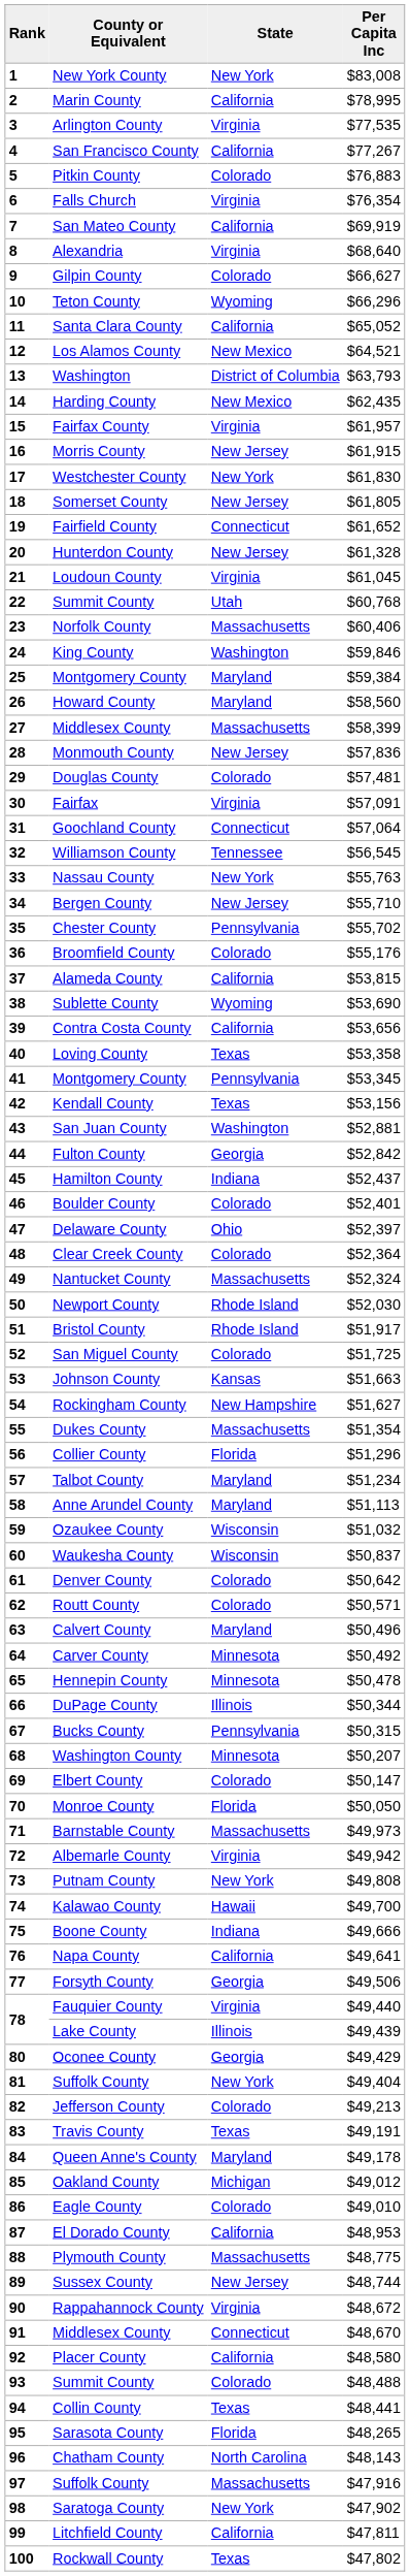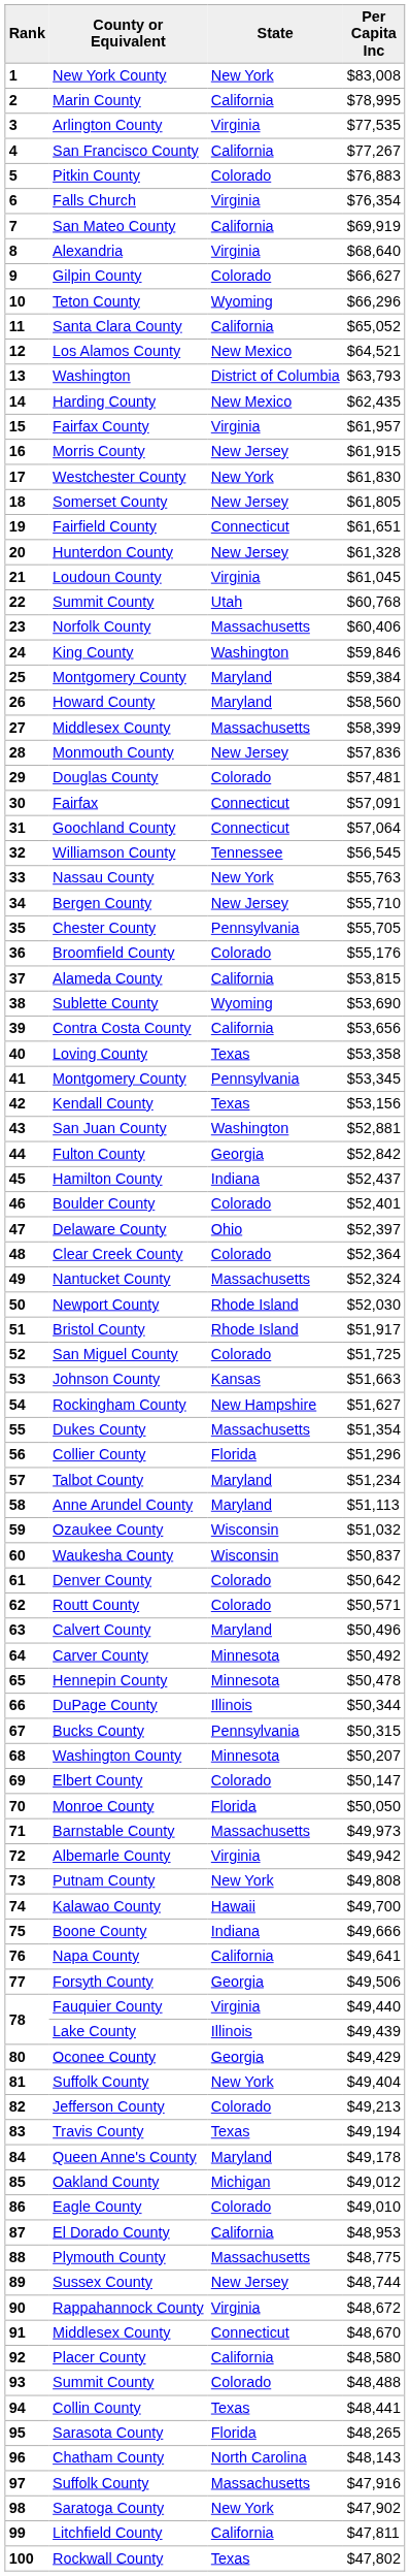 <table class="sortable" cellpadding="4" cellspacing="0" style="margin:auto; clear:both; border:1px solid #aaa; border-collapse:collapse;">
 <tr style="background:#efefef;">
 <th>Rank</th>
 <th>County or<br>Equivalent</th>
 <th>State</th>
 <th>Per<br>Capita<br>Inc</th>
 </tr>
 <tr style="border-top: 1px solid #aaa; vertical-align: top">
 <td><strong>1</strong></td>
 <td><a href='#'>New York County</a></td>
 <td> <a href='#'>New York</a></td>
 <td>$83,008</td>
 </tr>
 <tr style="border-top: 1px solid #aaa; vertical-align: top">
 <td><strong>2</strong></td>
 <td><a href='#'>Marin County</a></td>
 <td> <a href='#'>California</a></td>
 <td>$78,995</td>
 </tr>
 <tr style="border-top: 1px solid #aaa; vertical-align: top">
 <td><strong>3</strong></td>
 <td><a href='#'>Arlington County</a></td>
 <td> <a href='#'>Virginia</a></td>
 <td>$77,535</td>
 </tr>
 <tr style="border-top: 1px solid #aaa; vertical-align: top">
 <td><strong>4</strong></td>
 <td><a href='#'>San Francisco County</a></td>
 <td> <a href='#'>California</a></td>
 <td>$77,267</td>
 </tr>
 <tr style="border-top: 1px solid #aaa; vertical-align: top">
 <td><strong>5</strong></td>
 <td><a href='#'>Pitkin County</a></td>
 <td> <a href='#'>Colorado</a></td>
 <td>$76,883</td>
 </tr>
 <tr style="border-top: 1px solid #aaa; vertical-align: top">
 <td><strong>6</strong></td>
 <td><a href='#'>Falls Church</a></td>
 <td> <a href='#'>Virginia</a></td>
 <td>$76,354</td>
 </tr>
 <tr style="border-top: 1px solid #aaa; vertical-align: top">
 <td><strong>7</strong></td>
 <td><a href='#'>San Mateo County</a></td>
 <td> <a href='#'>California</a></td>
 <td>$69,919</td>
 </tr>
 <tr style="border-top: 1px solid #aaa; vertical-align: top">
 <td><strong>8</strong></td>
 <td><a href='#'>Alexandria</a></td>
 <td> <a href='#'>Virginia</a></td>
 <td>$68,640</td>
 </tr>
 <tr style="border-top: 1px solid #aaa; vertical-align: top">
 <td><strong>9</strong></td>
 <td><a href='#'>Gilpin County</a></td>
 <td> <a href='#'>Colorado</a></td>
 <td>$66,627</td>
 </tr>
 <tr style="border-top: 1px solid #aaa; vertical-align: top">
 <td><strong>10</strong></td>
 <td><a href='#'>Teton County</a></td>
 <td> <a href='#'>Wyoming</a></td>
 <td>$66,296</td>
 </tr>
 <tr style="border-top: 1px solid #aaa; vertical-align: top">
 <td><strong>11</strong></td>
 <td><a href='#'>Santa Clara County</a></td>
 <td> <a href='#'>California</a></td>
 <td>$65,052</td>
 </tr>
 <tr style="border-top: 1px solid #aaa; vertical-align: top">
 <td><strong>12</strong></td>
 <td><a href='#'>Los Alamos County</a></td>
 <td> <a href='#'>New Mexico</a></td>
 <td>$64,521</td>
 </tr>
 <tr style="border-top: 1px solid #aaa; vertical-align: top">
 <td><strong>13</strong></td>
 <td><a href='#'>Washington</a></td>
 <td> <a href='#'>District of Columbia</a></td>
 <td>$63,793</td>
 </tr>
 <tr style="border-top: 1px solid #aaa; vertical-align: top">
 <td><strong>14</strong></td>
 <td><a href='#'>Harding County</a></td>
 <td> <a href='#'>New Mexico</a></td>
 <td>$62,435</td>
 </tr>
 <tr style="border-top: 1px solid #aaa; vertical-align: top">
 <td><strong>15</strong></td>
 <td><a href='#'>Fairfax County</a></td>
 <td> <a href='#'>Virginia</a></td>
 <td>$61,957</td>
 </tr>
 <tr style="border-top: 1px solid #aaa; vertical-align: top">
 <td><strong>16</strong></td>
 <td><a href='#'>Morris County</a></td>
 <td> <a href='#'>New Jersey</a></td>
 <td>$61,915</td>
 </tr>
 <tr style="border-top: 1px solid #aaa; vertical-align: top">
 <td><strong>17</strong></td>
 <td><a href='#'>Westchester County</a></td>
 <td> <a href='#'>New York</a></td>
 <td>$61,830</td>
 </tr>
 <tr style="border-top: 1px solid #aaa; vertical-align: top">
 <td><strong>18</strong></td>
 <td><a href='#'>Somerset County</a></td>
 <td> <a href='#'>New Jersey</a></td>
 <td>$61,805</td>
 </tr>
 <tr style="border-top: 1px solid #aaa; vertical-align: top">
 <td><strong>19</strong></td>
 <td><a href='#'>Fairfield County</a></td>
 <td> <a href='#'>Connecticut</a></td>
-<td>$61,652</td>
+<td>$61,651</td>
 </tr>
 <tr style="border-top: 1px solid #aaa; vertical-align: top">
 <td><strong>20</strong></td>
 <td><a href='#'>Hunterdon County</a></td>
 <td> <a href='#'>New Jersey</a></td>
 <td>$61,328</td>
 </tr>
 <tr style="border-top: 1px solid #aaa; vertical-align: top">
 <td><strong>21</strong></td>
 <td><a href='#'>Loudoun County</a></td>
 <td> <a href='#'>Virginia</a></td>
 <td>$61,045</td>
 </tr>
 <tr style="border-top: 1px solid #aaa; vertical-align: top">
 <td><strong>22</strong></td>
 <td><a href='#'>Summit County</a></td>
 <td> <a href='#'>Utah</a></td>
 <td>$60,768</td>
 </tr>
 <tr style="border-top: 1px solid #aaa; vertical-align: top">
 <td><strong>23</strong></td>
 <td><a href='#'>Norfolk County</a></td>
 <td> <a href='#'>Massachusetts</a></td>
 <td>$60,406</td>
 </tr>
 <tr style="border-top: 1px solid #aaa; vertical-align: top">
 <td><strong>24</strong></td>
 <td><a href='#'>King County</a></td>
 <td> <a href='#'>Washington</a></td>
 <td>$59,846</td>
 </tr>
 <tr style="border-top: 1px solid #aaa; vertical-align: top">
 <td><strong>25</strong></td>
 <td><a href='#'>Montgomery County</a></td>
 <td> <a href='#'>Maryland</a></td>
 <td>$59,384</td>
 </tr>
 <tr style="border-top: 1px solid #aaa; vertical-align: top">
 <td><strong>26</strong></td>
 <td><a href='#'>Howard County</a></td>
 <td> <a href='#'>Maryland</a></td>
 <td>$58,560</td>
 </tr>
 <tr style="border-top: 1px solid #aaa; vertical-align: top">
 <td><strong>27</strong></td>
 <td><a href='#'>Middlesex County</a></td>
 <td> <a href='#'>Massachusetts</a></td>
 <td>$58,399</td>
 </tr>
 <tr style="border-top: 1px solid #aaa; vertical-align: top">
 <td><strong>28</strong></td>
 <td><a href='#'>Monmouth County</a></td>
 <td> <a href='#'>New Jersey</a></td>
 <td>$57,836</td>
 </tr>
 <tr style="border-top: 1px solid #aaa; vertical-align: top">
 <td><strong>29</strong></td>
 <td><a href='#'>Douglas County</a></td>
 <td> <a href='#'>Colorado</a></td>
 <td>$57,481</td>
 </tr>
 <tr style="border-top: 1px solid #aaa; vertical-align: top">
 <td><strong>30</strong></td>
 <td><a href='#'>Fairfax</a></td>
-<td> <a href='#'>Virginia</a></td>
+<td> <a href='#'>Connecticut</a></td>
 <td>$57,091</td>
 </tr>
 <tr style="border-top: 1px solid #aaa; vertical-align: top">
 <td><strong>31</strong></td>
 <td><a href='#'>Goochland County</a></td>
 <td> <a href='#'>Connecticut</a></td>
 <td>$57,064</td>
 </tr>
 <tr style="border-top: 1px solid #aaa; vertical-align: top">
 <td><strong>32</strong></td>
 <td><a href='#'>Williamson County</a></td>
 <td> <a href='#'>Tennessee</a></td>
 <td>$56,545</td>
 </tr>
 <tr style="border-top: 1px solid #aaa; vertical-align: top">
 <td><strong>33</strong></td>
 <td><a href='#'>Nassau County</a></td>
 <td> <a href='#'>New York</a></td>
 <td>$55,763</td>
 </tr>
 <tr style="border-top: 1px solid #aaa; vertical-align: top">
 <td><strong>34</strong></td>
 <td><a href='#'>Bergen County</a></td>
 <td> <a href='#'>New Jersey</a></td>
 <td>$55,710</td>
 </tr>
 <tr style="border-top: 1px solid #aaa; vertical-align: top">
 <td><strong>35</strong></td>
 <td><a href='#'>Chester County</a></td>
 <td> <a href='#'>Pennsylvania</a></td>
-<td>$55,702</td>
+<td>$55,705</td>
 </tr>
 <tr style="border-top: 1px solid #aaa; vertical-align: top">
 <td><strong>36</strong></td>
 <td><a href='#'>Broomfield County</a></td>
 <td> <a href='#'>Colorado</a></td>
 <td>$55,176</td>
 </tr>
 <tr style="border-top: 1px solid #aaa; vertical-align: top">
 <td><strong>37</strong></td>
 <td><a href='#'>Alameda County</a></td>
 <td> <a href='#'>California</a></td>
 <td>$53,815</td>
 </tr>
 <tr style="border-top: 1px solid #aaa; vertical-align: top">
 <td><strong>38</strong></td>
 <td><a href='#'>Sublette County</a></td>
 <td> <a href='#'>Wyoming</a></td>
 <td>$53,690</td>
 </tr>
 <tr style="border-top: 1px solid #aaa; vertical-align: top">
 <td><strong>39</strong></td>
 <td><a href='#'>Contra Costa County</a></td>
 <td> <a href='#'>California</a></td>
 <td>$53,656</td>
 </tr>
 <tr style="border-top: 1px solid #aaa; vertical-align: top">
 <td><strong>40</strong></td>
 <td><a href='#'>Loving County</a></td>
 <td> <a href='#'>Texas</a></td>
 <td>$53,358</td>
 </tr>
 <tr style="border-top: 1px solid #aaa; vertical-align: top">
 <td><strong>41</strong></td>
 <td><a href='#'>Montgomery County</a></td>
 <td> <a href='#'>Pennsylvania</a></td>
 <td>$53,345</td>
 </tr>
 <tr style="border-top: 1px solid #aaa; vertical-align: top">
 <td><strong>42</strong></td>
 <td><a href='#'>Kendall County</a></td>
 <td> <a href='#'>Texas</a></td>
 <td>$53,156</td>
 </tr>
 <tr style="border-top: 1px solid #aaa; vertical-align: top">
 <td><strong>43</strong></td>
 <td><a href='#'>San Juan County</a></td>
 <td> <a href='#'>Washington</a></td>
 <td>$52,881</td>
 </tr>
 <tr style="border-top: 1px solid #aaa; vertical-align: top">
 <td><strong>44</strong></td>
 <td><a href='#'>Fulton County</a></td>
 <td> <a href='#'>Georgia</a></td>
 <td>$52,842</td>
 </tr>
 <tr style="border-top: 1px solid #aaa; vertical-align: top">
 <td><strong>45</strong></td>
 <td><a href='#'>Hamilton County</a></td>
 <td> <a href='#'>Indiana</a></td>
 <td>$52,437</td>
 </tr>
 <tr style="border-top: 1px solid #aaa; vertical-align: top">
 <td><strong>46</strong></td>
 <td><a href='#'>Boulder County</a></td>
 <td> <a href='#'>Colorado</a></td>
 <td>$52,401</td>
 </tr>
 <tr style="border-top: 1px solid #aaa; vertical-align: top">
 <td><strong>47</strong></td>
 <td><a href='#'>Delaware County</a></td>
 <td> <a href='#'>Ohio</a></td>
 <td>$52,397</td>
 </tr>
 <tr style="border-top: 1px solid #aaa; vertical-align: top">
 <td><strong>48</strong></td>
 <td><a href='#'>Clear Creek County</a></td>
 <td> <a href='#'>Colorado</a></td>
 <td>$52,364</td>
 </tr>
 <tr style="border-top: 1px solid #aaa; vertical-align: top">
 <td><strong>49</strong></td>
 <td><a href='#'>Nantucket County</a></td>
 <td> <a href='#'>Massachusetts</a></td>
 <td>$52,324</td>
 </tr>
 <tr style="border-top: 1px solid #aaa; vertical-align: top">
 <td><strong>50</strong></td>
 <td><a href='#'>Newport County</a></td>
 <td> <a href='#'>Rhode Island</a></td>
 <td>$52,030</td>
 </tr>
 <tr style="border-top: 1px solid #aaa; vertical-align: top">
 <td><strong>51</strong></td>
 <td><a href='#'>Bristol County</a></td>
 <td> <a href='#'>Rhode Island</a></td>
 <td>$51,917</td>
 </tr>
 <tr style="border-top: 1px solid #aaa; vertical-align: top">
 <td><strong>52</strong></td>
 <td><a href='#'>San Miguel County</a></td>
 <td> <a href='#'>Colorado</a></td>
 <td>$51,725</td>
 </tr>
 <tr style="border-top: 1px solid #aaa; vertical-align: top">
 <td><strong>53</strong></td>
 <td><a href='#'>Johnson County</a></td>
 <td> <a href='#'>Kansas</a></td>
 <td>$51,663</td>
 </tr>
 <tr style="border-top: 1px solid #aaa; vertical-align: top">
 <td><strong>54</strong></td>
 <td><a href='#'>Rockingham County</a></td>
 <td> <a href='#'>New Hampshire</a></td>
 <td>$51,627</td>
 </tr>
 <tr style="border-top: 1px solid #aaa; vertical-align: top">
 <td><strong>55</strong></td>
 <td><a href='#'>Dukes County</a></td>
 <td> <a href='#'>Massachusetts</a></td>
 <td>$51,354</td>
 </tr>
 <tr style="border-top: 1px solid #aaa; vertical-align: top">
 <td><strong>56</strong></td>
 <td><a href='#'>Collier County</a></td>
 <td> <a href='#'>Florida</a></td>
 <td>$51,296</td>
 </tr>
 <tr style="border-top: 1px solid #aaa; vertical-align: top">
 <td><strong>57</strong></td>
 <td><a href='#'>Talbot County</a></td>
 <td> <a href='#'>Maryland</a></td>
 <td>$51,234</td>
 </tr>
 <tr style="border-top: 1px solid #aaa; vertical-align: top">
 <td><strong>58</strong></td>
 <td><a href='#'>Anne Arundel County</a></td>
 <td> <a href='#'>Maryland</a></td>
 <td>$51,113</td>
 </tr>
 <tr style="border-top: 1px solid #aaa; vertical-align: top">
 <td><strong>59</strong></td>
 <td><a href='#'>Ozaukee County</a></td>
 <td> <a href='#'>Wisconsin</a></td>
 <td>$51,032</td>
 </tr>
 <tr style="border-top: 1px solid #aaa; vertical-align: top">
 <td><strong>60</strong></td>
 <td><a href='#'>Waukesha County</a></td>
 <td> <a href='#'>Wisconsin</a></td>
 <td>$50,837</td>
 </tr>
 <tr style="border-top: 1px solid #aaa; vertical-align: top">
 <td><strong>61</strong></td>
 <td><a href='#'>Denver County</a></td>
 <td> <a href='#'>Colorado</a></td>
 <td>$50,642</td>
 </tr>
 <tr style="border-top: 1px solid #aaa; vertical-align: top">
 <td><strong>62</strong></td>
 <td><a href='#'>Routt County</a></td>
 <td> <a href='#'>Colorado</a></td>
 <td>$50,571</td>
 </tr>
 <tr style="border-top: 1px solid #aaa; vertical-align: top">
 <td><strong>63</strong></td>
 <td><a href='#'>Calvert County</a></td>
 <td> <a href='#'>Maryland</a></td>
 <td>$50,496</td>
 </tr>
 <tr style="border-top: 1px solid #aaa; vertical-align: top">
 <td><strong>64</strong></td>
 <td><a href='#'>Carver County</a></td>
 <td> <a href='#'>Minnesota</a></td>
 <td>$50,492</td>
 </tr>
 <tr style="border-top: 1px solid #aaa; vertical-align: top">
 <td><strong>65</strong></td>
 <td><a href='#'>Hennepin County</a></td>
 <td> <a href='#'>Minnesota</a></td>
 <td>$50,478</td>
 </tr>
 <tr style="border-top: 1px solid #aaa; vertical-align: top">
 <td><strong>66</strong></td>
 <td><a href='#'>DuPage County</a></td>
 <td> <a href='#'>Illinois</a></td>
 <td>$50,344</td>
 </tr>
 <tr style="border-top: 1px solid #aaa; vertical-align: top">
 <td><strong>67</strong></td>
 <td><a href='#'>Bucks County</a></td>
 <td> <a href='#'>Pennsylvania</a></td>
 <td>$50,315</td>
 </tr>
 <tr style="border-top: 1px solid #aaa; vertical-align: top">
 <td><strong>68</strong></td>
 <td><a href='#'>Washington County</a></td>
 <td> <a href='#'>Minnesota</a></td>
 <td>$50,207</td>
 </tr>
 <tr style="border-top: 1px solid #aaa; vertical-align: top">
 <td><strong>69</strong></td>
 <td><a href='#'>Elbert County</a></td>
 <td> <a href='#'>Colorado</a></td>
 <td>$50,147</td>
 </tr>
 <tr style="border-top: 1px solid #aaa; vertical-align: top">
 <td><strong>70</strong></td>
 <td><a href='#'>Monroe County</a></td>
 <td> <a href='#'>Florida</a></td>
 <td>$50,050</td>
 </tr>
 <tr style="border-top: 1px solid #aaa; vertical-align: top">
 <td><strong>71</strong></td>
 <td><a href='#'>Barnstable County</a></td>
 <td> <a href='#'>Massachusetts</a></td>
 <td>$49,973</td>
 </tr>
 <tr style="border-top: 1px solid #aaa; vertical-align: top">
 <td><strong>72</strong></td>
 <td><a href='#'>Albemarle County</a></td>
 <td> <a href='#'>Virginia</a></td>
 <td>$49,942</td>
 </tr>
 <tr style="border-top: 1px solid #aaa; vertical-align: top">
 <td><strong>73</strong></td>
 <td><a href='#'>Putnam County</a></td>
 <td> <a href='#'>New York</a></td>
 <td>$49,808</td>
 </tr>
 <tr style="border-top: 1px solid #aaa; vertical-align: top">
 <td><strong>74</strong></td>
 <td><a href='#'>Kalawao County</a></td>
 <td> <a href='#'>Hawaii</a></td>
 <td>$49,700</td>
 </tr>
 <tr style="border-top: 1px solid #aaa; vertical-align: top">
 <td><strong>75</strong></td>
 <td><a href='#'>Boone County</a></td>
 <td> <a href='#'>Indiana</a></td>
 <td>$49,666</td>
 </tr>
 <tr style="border-top: 1px solid #aaa; vertical-align: top">
 <td><strong>76</strong></td>
 <td><a href='#'>Napa County</a></td>
 <td> <a href='#'>California</a></td>
 <td>$49,641</td>
 </tr>
 <tr style="border-top: 1px solid #aaa; vertical-align: top">
 <td><strong>77</strong></td>
 <td><a href='#'>Forsyth County</a></td>
 <td> <a href='#'>Georgia</a></td>
 <td>$49,506</td>
 </tr>
 <tr style="border-top: 1px solid #aaa">
 <td rowspan="2"><strong>78</strong></td>
 <td><a href='#'>Fauquier County</a></td>
 <td> <a href='#'>Virginia</a></td>
 <td>$49,440</td>
 </tr>
 <tr style="border-top: 1px solid #aaa; vertical-align: top">
 <td><a href='#'>Lake County</a></td>
 <td> <a href='#'>Illinois</a></td>
 <td>$49,439</td>
 </tr>
 <tr style="border-top: 1px solid #aaa; vertical-align: top">
 <td><strong>80</strong></td>
 <td><a href='#'>Oconee County</a></td>
 <td> <a href='#'>Georgia</a></td>
 <td>$49,429</td>
 </tr>
 <tr style="border-top: 1px solid #aaa; vertical-align: top">
 <td><strong>81</strong></td>
 <td><a href='#'>Suffolk County</a></td>
 <td> <a href='#'>New York</a></td>
 <td>$49,404</td>
 </tr>
 <tr style="border-top: 1px solid #aaa; vertical-align: top">
 <td><strong>82</strong></td>
 <td><a href='#'>Jefferson County</a></td>
 <td> <a href='#'>Colorado</a></td>
 <td>$49,213</td>
 </tr>
 <tr style="border-top: 1px solid #aaa; vertical-align: top">
 <td><strong>83</strong></td>
 <td><a href='#'>Travis County</a></td>
 <td> <a href='#'>Texas</a></td>
-<td>$49,191</td>
+<td>$49,194</td>
 </tr>
 <tr style="border-top: 1px solid #aaa; vertical-align: top">
 <td><strong>84</strong></td>
 <td><a href='#'>Queen Anne's County</a></td>
 <td> <a href='#'>Maryland</a></td>
 <td>$49,178</td>
 </tr>
 <tr style="border-top: 1px solid #aaa; vertical-align: top">
 <td><strong>85</strong></td>
 <td><a href='#'>Oakland County</a></td>
 <td> <a href='#'>Michigan</a></td>
 <td>$49,012</td>
 </tr>
 <tr style="border-top: 1px solid #aaa; vertical-align: top">
 <td><strong>86</strong></td>
 <td><a href='#'>Eagle County</a></td>
 <td> <a href='#'>Colorado</a></td>
 <td>$49,010</td>
 </tr>
 <tr style="border-top: 1px solid #aaa; vertical-align: top">
 <td><strong>87</strong></td>
 <td><a href='#'>El Dorado County</a></td>
 <td> <a href='#'>California</a></td>
 <td>$48,953</td>
 </tr>
 <tr style="border-top: 1px solid #aaa; vertical-align: top">
 <td><strong>88</strong></td>
 <td><a href='#'>Plymouth County</a></td>
 <td> <a href='#'>Massachusetts</a></td>
 <td>$48,775</td>
 </tr>
 <tr style="border-top: 1px solid #aaa; vertical-align: top">
 <td><strong>89</strong></td>
 <td><a href='#'>Sussex County</a></td>
 <td> <a href='#'>New Jersey</a></td>
 <td>$48,744</td>
 </tr>
 <tr style="border-top: 1px solid #aaa; vertical-align: top">
 <td><strong>90</strong></td>
 <td><a href='#'>Rappahannock County</a></td>
 <td> <a href='#'>Virginia</a></td>
 <td>$48,672</td>
 </tr>
 <tr style="border-top: 1px solid #aaa; vertical-align: top">
 <td><strong>91</strong></td>
 <td><a href='#'>Middlesex County</a></td>
 <td> <a href='#'>Connecticut</a></td>
 <td>$48,670</td>
 </tr>
 <tr style="border-top: 1px solid #aaa; vertical-align: top">
 <td><strong>92</strong></td>
 <td><a href='#'>Placer County</a></td>
 <td> <a href='#'>California</a></td>
 <td>$48,580</td>
 </tr>
 <tr style="border-top: 1px solid #aaa; vertical-align: top">
 <td><strong>93</strong></td>
 <td><a href='#'>Summit County</a></td>
 <td> <a href='#'>Colorado</a></td>
 <td>$48,488</td>
 </tr>
 <tr style="border-top: 1px solid #aaa; vertical-align: top">
 <td><strong>94</strong></td>
 <td><a href='#'>Collin County</a></td>
 <td> <a href='#'>Texas</a></td>
 <td>$48,441</td>
 </tr>
 <tr style="border-top: 1px solid #aaa; vertical-align: top">
 <td><strong>95</strong></td>
 <td><a href='#'>Sarasota County</a></td>
 <td> <a href='#'>Florida</a></td>
 <td>$48,265</td>
 </tr>
 <tr style="border-top: 1px solid #aaa; vertical-align: top">
 <td><strong>96</strong></td>
 <td><a href='#'>Chatham County</a></td>
 <td> <a href='#'>North Carolina</a></td>
 <td>$48,143</td>
 </tr>
 <tr style="border-top: 1px solid #aaa; vertical-align: top">
 <td><strong>97</strong></td>
 <td><a href='#'>Suffolk County</a></td>
 <td> <a href='#'>Massachusetts</a></td>
 <td>$47,916</td>
 </tr>
 <tr style="border-top: 1px solid #aaa; vertical-align: top">
 <td><strong>98</strong></td>
 <td><a href='#'>Saratoga County</a></td>
 <td> <a href='#'>New York</a></td>
 <td>$47,902</td>
 </tr>
 <tr style="border-top: 1px solid #aaa; vertical-align: top">
 <td><strong>99</strong></td>
 <td><a href='#'>Litchfield County</a></td>
 <td> <a href='#'>California</a></td>
 <td>$47,811</td>
 </tr>
 <tr style="border-top: 1px solid #aaa; vertical-align: top">
 <td><strong>100</strong></td>
 <td><a href='#'>Rockwall County</a></td>
 <td> <a href='#'>Texas</a></td>
 <td>$47,802</td>
 </tr>
 </table>
